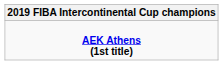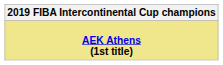 <table class="wikitable" style="text-align:center; margin:auto">
 <tr>
 <th>2019 FIBA Intercontinental Cup champions</th>
 </tr>
 <tr>
-<td><br><strong><a href='#'>AEK Athens</a></strong><br><strong>(1st title)</strong></td>
+<td style="background: khaki;"><br><strong><a href='#'>AEK Athens</a></strong><br><strong>(1st title)</strong></td>
 </tr>
 </table>
